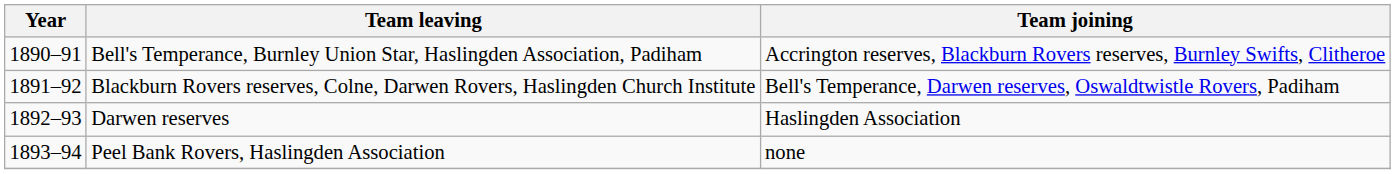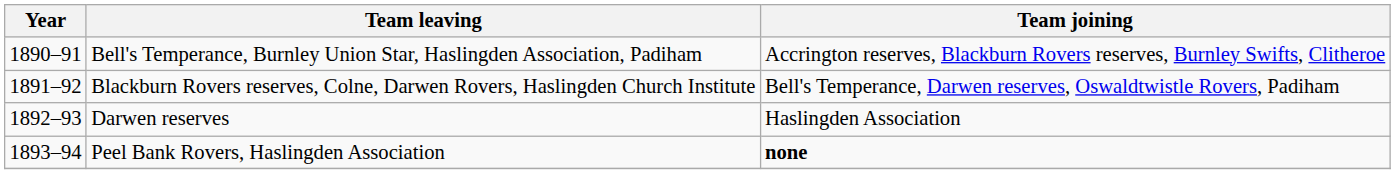 <table class="wikitable">
 <tr>
 <th>Year</th>
 <th>Team leaving</th>
 <th>Team joining</th>
 </tr>
 <tr>
 <td>1890–91</td>
 <td>Bell's Temperance, Burnley Union Star, Haslingden Association, Padiham</td>
 <td>Accrington reserves, <a href='#'>Blackburn Rovers</a> reserves, <a href='#'>Burnley Swifts</a>, <a href='#'>Clitheroe</a></td>
 </tr>
 <tr>
 <td>1891–92</td>
 <td>Blackburn Rovers reserves, Colne, Darwen Rovers, Haslingden Church Institute</td>
 <td>Bell's Temperance, <a href='#'>Darwen reserves</a>, <a href='#'>Oswaldtwistle Rovers</a>, Padiham</td>
 </tr>
 <tr>
 <td>1892–93</td>
 <td>Darwen reserves</td>
 <td>Haslingden Association</td>
 </tr>
 <tr>
 <td>1893–94</td>
 <td>Peel Bank Rovers, Haslingden Association</td>
-<td>none</td>
+<td><strong>none</strong></td>
 </tr>
 <tr>
 </tr>
 </table>
